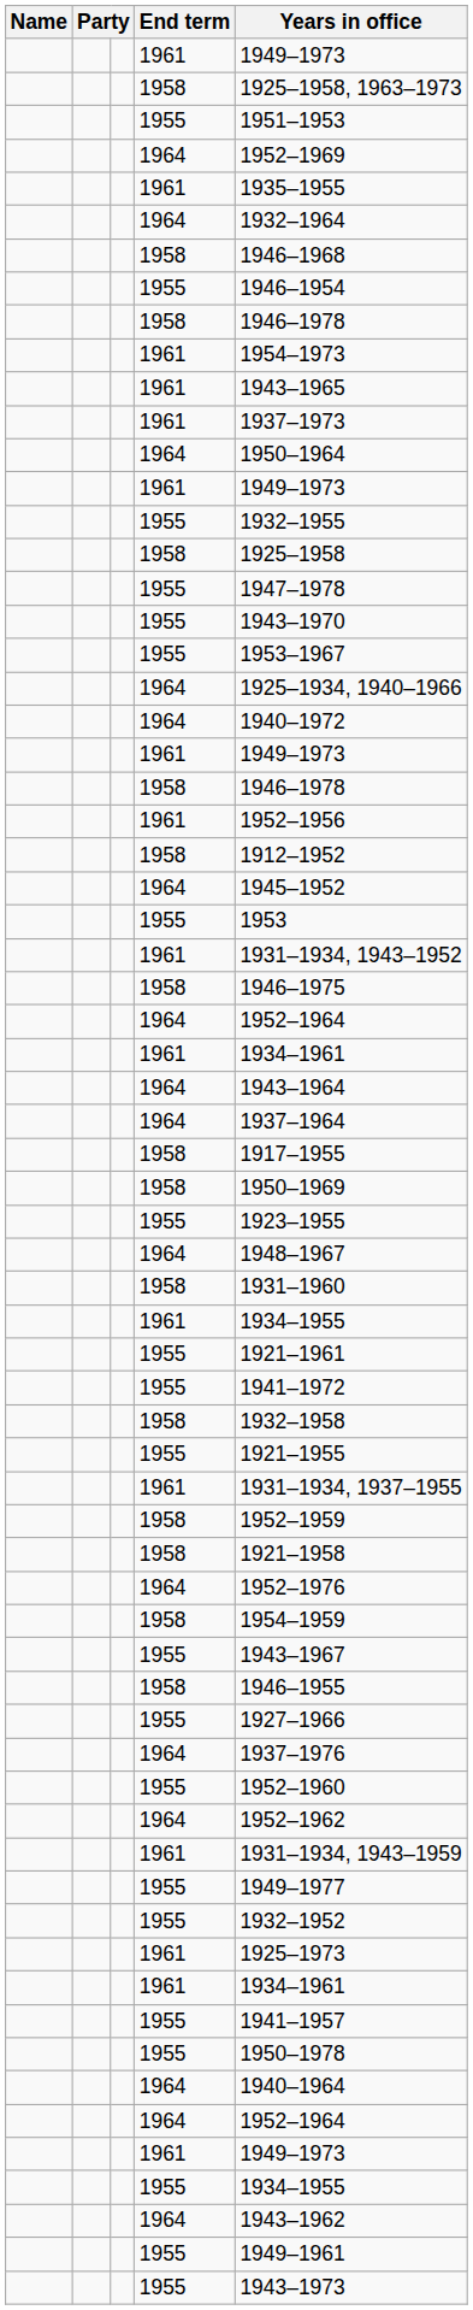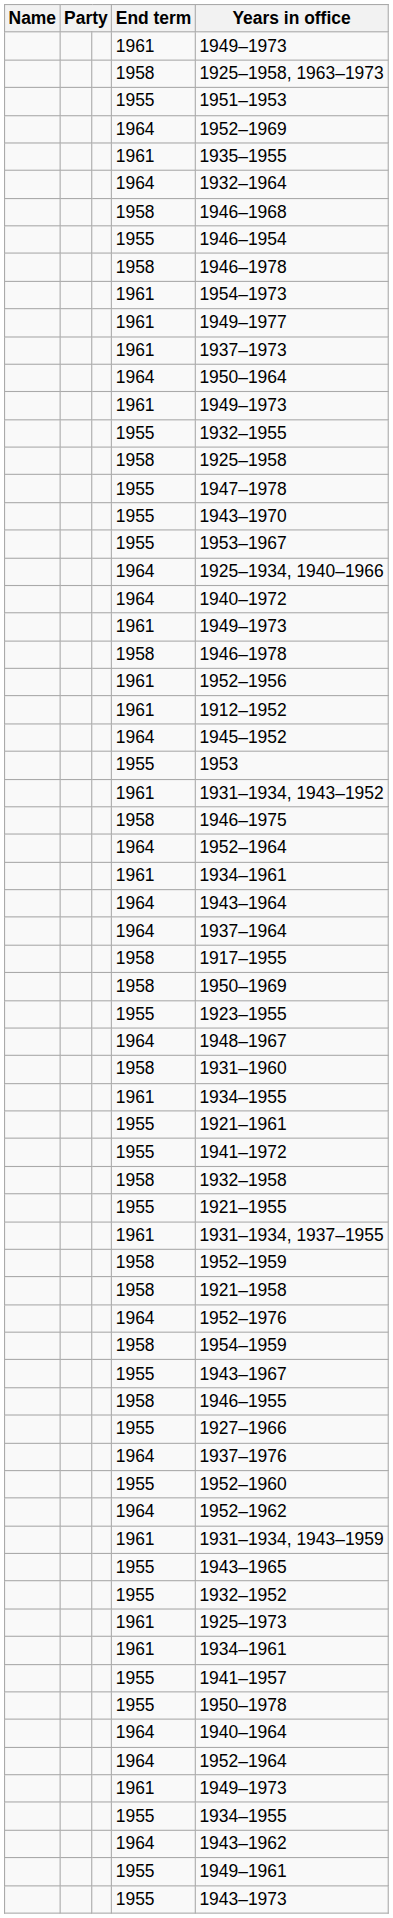 <table class="wikitable sortable">
 <tr>
 <th>Name</th>
 <th colspan=2>Party</th>
 <th>End term</th>
 <th>Years in office</th>
 </tr>
 <tr>
 <td></td>
 <td> </td>
 <td></td>
 <td>1961</td>
 <td>1949–1973</td>
 </tr>
 <tr>
 <td></td>
 <td> </td>
 <td></td>
 <td>1958</td>
 <td>1925–1958, 1963–1973</td>
 </tr>
 <tr>
 <td></td>
 <td> </td>
 <td></td>
 <td>1955</td>
 <td>1951–1953</td>
 </tr>
 <tr>
 <td></td>
 <td> </td>
 <td></td>
 <td>1964</td>
 <td>1952–1969</td>
 </tr>
 <tr>
 <td></td>
 <td> </td>
 <td></td>
 <td>1961</td>
 <td>1935–1955</td>
 </tr>
 <tr>
 <td></td>
 <td> </td>
 <td></td>
 <td>1964</td>
 <td>1932–1964</td>
 </tr>
 <tr>
 <td></td>
 <td> </td>
 <td></td>
 <td>1958</td>
 <td>1946–1968</td>
 </tr>
 <tr>
 <td></td>
 <td> </td>
 <td></td>
 <td>1955</td>
 <td>1946–1954</td>
 </tr>
 <tr>
 <td></td>
 <td> </td>
 <td></td>
 <td>1958</td>
 <td>1946–1978</td>
 </tr>
 <tr>
 <td></td>
 <td> </td>
 <td></td>
 <td>1961</td>
 <td>1954–1973</td>
 </tr>
 <tr>
 <td></td>
 <td> </td>
 <td></td>
 <td>1961</td>
-<td>1943–1965</td>
+<td>1949–1977</td>
 </tr>
 <tr>
 <td></td>
 <td> </td>
 <td></td>
 <td>1961</td>
 <td>1937–1973</td>
 </tr>
 <tr>
 <td></td>
 <td> </td>
 <td></td>
 <td>1964</td>
 <td>1950–1964</td>
 </tr>
 <tr>
 <td></td>
 <td> </td>
 <td></td>
 <td>1961</td>
 <td>1949–1973</td>
 </tr>
 <tr>
 <td></td>
 <td> </td>
 <td></td>
 <td>1955</td>
 <td>1932–1955</td>
 </tr>
 <tr>
 <td></td>
 <td> </td>
 <td></td>
 <td>1958</td>
 <td>1925–1958</td>
 </tr>
 <tr>
 <td></td>
 <td> </td>
 <td></td>
 <td>1955</td>
 <td>1947–1978</td>
 </tr>
 <tr>
 <td></td>
 <td> </td>
 <td></td>
 <td>1955</td>
 <td>1943–1970</td>
 </tr>
 <tr>
 <td></td>
 <td> </td>
 <td></td>
 <td>1955</td>
 <td>1953–1967</td>
 </tr>
 <tr>
 <td></td>
 <td> </td>
 <td></td>
 <td>1964</td>
 <td>1925–1934, 1940–1966</td>
 </tr>
 <tr>
 <td></td>
 <td> </td>
 <td></td>
 <td>1964</td>
 <td>1940–1972</td>
 </tr>
 <tr>
 <td></td>
 <td> </td>
 <td></td>
 <td>1961</td>
 <td>1949–1973</td>
 </tr>
 <tr>
 <td></td>
 <td> </td>
 <td></td>
 <td>1958</td>
 <td>1946–1978</td>
 </tr>
 <tr>
 <td></td>
 <td> </td>
 <td></td>
 <td>1961</td>
 <td>1952–1956</td>
 </tr>
 <tr>
 <td></td>
 <td> </td>
 <td></td>
-<td>1958</td>
+<td>1961</td>
 <td>1912–1952</td>
 </tr>
 <tr>
 <td></td>
 <td> </td>
 <td></td>
 <td>1964</td>
 <td>1945–1952</td>
 </tr>
 <tr>
 <td></td>
 <td> </td>
 <td></td>
 <td>1955</td>
 <td>1953</td>
 </tr>
 <tr>
 <td></td>
 <td> </td>
 <td></td>
 <td>1961</td>
 <td>1931–1934, 1943–1952</td>
 </tr>
 <tr>
 <td></td>
 <td> </td>
 <td></td>
 <td>1958</td>
 <td>1946–1975</td>
 </tr>
 <tr>
 <td></td>
 <td> </td>
 <td></td>
 <td>1964</td>
 <td>1952–1964</td>
 </tr>
 <tr>
 <td></td>
 <td> </td>
 <td></td>
 <td>1961</td>
 <td>1934–1961</td>
 </tr>
 <tr>
 <td></td>
 <td> </td>
 <td></td>
 <td>1964</td>
 <td>1943–1964</td>
 </tr>
 <tr>
 <td></td>
 <td> </td>
 <td></td>
 <td>1964</td>
 <td>1937–1964</td>
 </tr>
 <tr>
 <td></td>
 <td> </td>
 <td></td>
 <td>1958</td>
 <td>1917–1955</td>
 </tr>
 <tr>
 <td></td>
 <td> </td>
 <td></td>
 <td>1958</td>
 <td>1950–1969</td>
 </tr>
 <tr>
 <td></td>
 <td> </td>
 <td></td>
 <td>1955</td>
 <td>1923–1955</td>
 </tr>
 <tr>
 <td></td>
 <td> </td>
 <td></td>
 <td>1964</td>
 <td>1948–1967</td>
 </tr>
 <tr>
 <td></td>
 <td> </td>
 <td></td>
 <td>1958</td>
 <td>1931–1960</td>
 </tr>
 <tr>
 <td></td>
 <td> </td>
 <td></td>
 <td>1961</td>
 <td>1934–1955</td>
 </tr>
 <tr>
 <td></td>
 <td> </td>
 <td></td>
 <td>1955</td>
 <td>1921–1961</td>
 </tr>
 <tr>
 <td></td>
 <td> </td>
 <td></td>
 <td>1955</td>
 <td>1941–1972</td>
 </tr>
 <tr>
 <td></td>
 <td> </td>
 <td></td>
 <td>1958</td>
 <td>1932–1958</td>
 </tr>
 <tr>
 <td></td>
 <td> </td>
 <td></td>
 <td>1955</td>
 <td>1921–1955</td>
 </tr>
 <tr>
 <td></td>
 <td> </td>
 <td></td>
 <td>1961</td>
 <td>1931–1934, 1937–1955</td>
 </tr>
 <tr>
 <td></td>
 <td> </td>
 <td></td>
 <td>1958</td>
 <td>1952–1959</td>
 </tr>
 <tr>
 <td></td>
 <td> </td>
 <td></td>
 <td>1958</td>
 <td>1921–1958</td>
 </tr>
 <tr>
 <td></td>
 <td> </td>
 <td></td>
 <td>1964</td>
 <td>1952–1976</td>
 </tr>
 <tr>
 <td></td>
 <td> </td>
 <td></td>
 <td>1958</td>
 <td>1954–1959</td>
 </tr>
 <tr>
 <td></td>
 <td> </td>
 <td></td>
 <td>1955</td>
 <td>1943–1967</td>
 </tr>
 <tr>
 <td></td>
 <td> </td>
 <td></td>
 <td>1958</td>
 <td>1946–1955</td>
 </tr>
 <tr>
 <td></td>
 <td> </td>
 <td></td>
 <td>1955</td>
 <td>1927–1966</td>
 </tr>
 <tr>
 <td></td>
 <td> </td>
 <td></td>
 <td>1964</td>
 <td>1937–1976</td>
 </tr>
 <tr>
 <td></td>
 <td> </td>
 <td></td>
 <td>1955</td>
 <td>1952–1960</td>
 </tr>
 <tr>
 <td></td>
 <td> </td>
 <td></td>
 <td>1964</td>
 <td>1952–1962</td>
 </tr>
 <tr>
 <td></td>
 <td> </td>
 <td></td>
 <td>1961</td>
 <td>1931–1934, 1943–1959</td>
 </tr>
 <tr>
 <td></td>
 <td> </td>
 <td></td>
 <td>1955</td>
-<td>1949–1977</td>
+<td>1943–1965</td>
 </tr>
 <tr>
 <td></td>
 <td> </td>
 <td></td>
 <td>1955</td>
 <td>1932–1952</td>
 </tr>
 <tr>
 <td></td>
 <td> </td>
 <td></td>
 <td>1961</td>
 <td>1925–1973</td>
 </tr>
 <tr>
 <td></td>
 <td> </td>
 <td></td>
 <td>1961</td>
 <td>1934–1961</td>
 </tr>
 <tr>
 <td></td>
 <td> </td>
 <td></td>
 <td>1955</td>
 <td>1941–1957</td>
 </tr>
 <tr>
 <td></td>
 <td> </td>
 <td></td>
 <td>1955</td>
 <td>1950–1978</td>
 </tr>
 <tr>
 <td></td>
 <td> </td>
 <td></td>
 <td>1964</td>
 <td>1940–1964</td>
 </tr>
 <tr>
 <td></td>
 <td> </td>
 <td></td>
 <td>1964</td>
 <td>1952–1964</td>
 </tr>
 <tr>
 <td></td>
 <td> </td>
 <td></td>
 <td>1961</td>
 <td>1949–1973</td>
 </tr>
 <tr>
 <td></td>
 <td> </td>
 <td></td>
 <td>1955</td>
 <td>1934–1955</td>
 </tr>
 <tr>
 <td></td>
 <td> </td>
 <td></td>
 <td>1964</td>
 <td>1943–1962</td>
 </tr>
 <tr>
 <td></td>
 <td> </td>
 <td></td>
 <td>1955</td>
 <td>1949–1961</td>
 </tr>
 <tr>
 <td></td>
 <td> </td>
 <td></td>
 <td>1955</td>
 <td>1943–1973</td>
 </tr>
 </table>
